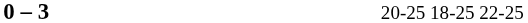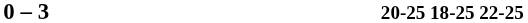 <table>
 <tr>
 <th width=200></th>
 <th width=80></th>
 <th width=200></th>
 <th width=220></th>
 </tr>
 <tr>
 <td align=right></td>
 <td align=center><strong>0 – 3</strong></td>
 <td><strong></strong></td>
-<td><small>20-25 18-25 22-25</small></td>
+<td><strong><small>20-25 18-25 22-25</small></strong></td>
 </tr>
 </table>
